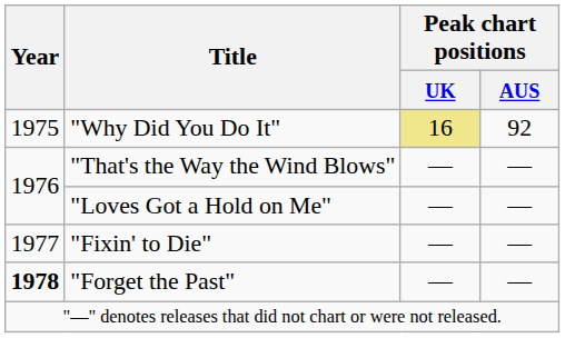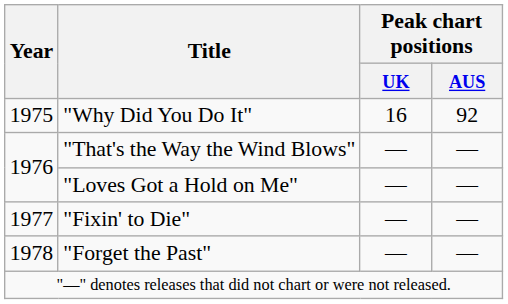 <table class="wikitable">
 <tr>
 <th scope="col" rowspan="2">Year</th>
 <th scope="col" rowspan="2">Title</th>
 <th scope="col" colspan="3">Peak chart positions</th>
 </tr>
 <tr>
 <th style="width:45px;"><small><a href='#'>UK</a></small><br></th>
 <th style="width:45px;"><small><a href='#'>AUS</a></small><br></th>
 </tr>
 <tr>
 <td rowspan="1">1975</td>
 <td>"Why Did You Do It"</td>
-<td align=center style="background: khaki;">16</td>
+<td align=center>16</td>
 <td align=center>92</td>
 </tr>
 <tr>
 <td rowspan="2">1976</td>
 <td>"That's the Way the Wind Blows"</td>
 <td align=center>—</td>
 <td align=center>—</td>
 </tr>
 <tr>
 <td>"Loves Got a Hold on Me"</td>
 <td align=center>—</td>
 <td align=center>—</td>
 </tr>
 <tr>
 <td rowspan="1">1977</td>
 <td>"Fixin' to Die"</td>
 <td align=center>—</td>
 <td align=center>—</td>
 </tr>
 <tr>
-<td rowspan="1"><strong>1978</strong></td>
+<td rowspan="1">1978</td>
 <td>"Forget the Past"</td>
 <td align=center>—</td>
 <td align=center>—</td>
 </tr>
 <tr>
 <td colspan="4" style="text-align:center; font-size:9pt;">"—" denotes releases that did not chart or were not released.</td>
 </tr>
 </table>
